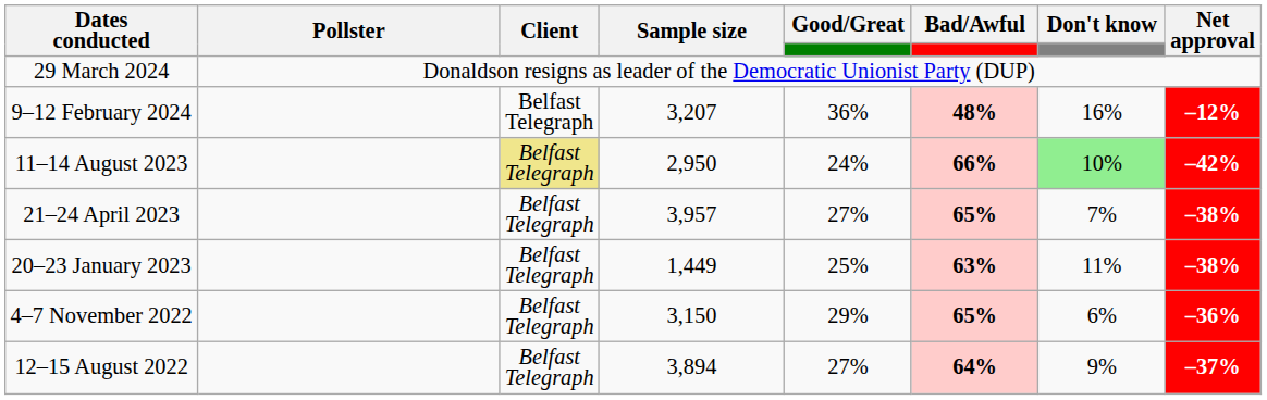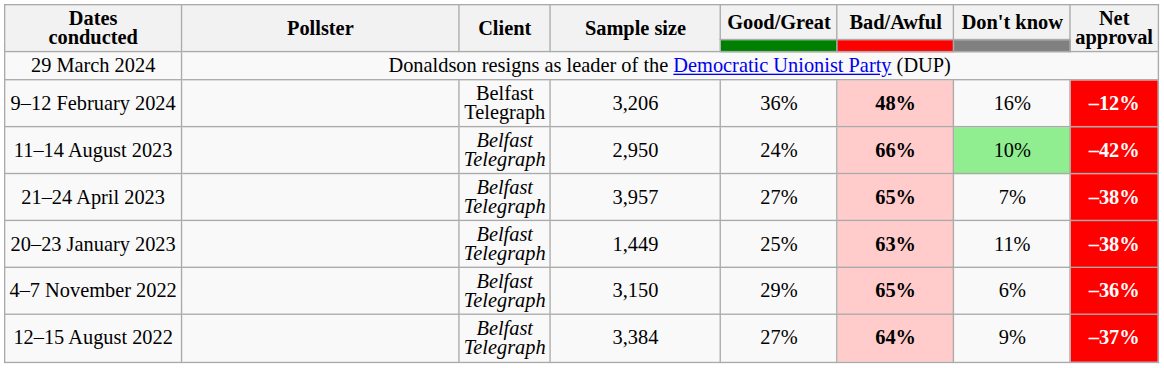 <table class="wikitable collapsible sortable mw-datatable" style="text-align:center;font-size:95%;line-height:14px;">
 <tr>
 <th style="width:125px;" rowspan="2">Dates<br>conducted</th>
 <th style="width:200px;" rowspan="2">Pollster</th>
 <th style="width:60px;" rowspan="2">Client</th>
 <th style="width:120px;" rowspan="2">Sample size</th>
 <th class="unsortable" style="width:80px;">Good/Great</th>
 <th class="unsortable" style="width: 80px;">Bad/Awful</th>
 <th class="unsortable" style="width:80px;">Don't know</th>
 <th class="unsortable" style="width:20px;" rowspan="2">Net approval</th>
 </tr>
 <tr>
 <th class="unsortable" style="background:green;width:60px;"></th>
 <th class="unsortable" style="background:red;width:60px;"></th>
 <th class="unsortable" style="background:grey;width:60px;"></th>
 </tr>
 <tr>
 <td>29 March 2024</td>
 <td colspan="7">Donaldson resigns as leader of the <a href='#'>Democratic Unionist Party</a> (DUP)</td>
 </tr>
 <tr>
 <td>9–12 February 2024</td>
 <td></td>
 <td>Belfast Telegraph</td>
-<td>3,207</td>
+<td>3,206</td>
 <td>36%</td>
 <td style="background:#ffcccb"><strong>48%</strong></td>
 <td>16%</td>
 <td style="background:red;color:white"><strong>–12%</strong></td>
 </tr>
 <tr>
 <td>11–14 August 2023</td>
 <td></td>
-<td style="background: khaki;"><em>Belfast Telegraph</em></td>
+<td><em>Belfast Telegraph</em></td>
 <td>2,950</td>
 <td>24%</td>
 <td style="background:#ffcccb"><strong>66%</strong></td>
 <td style="background: lightgreen;">10%</td>
 <td style="background:red;color:white"><strong>–42%</strong></td>
 </tr>
 <tr>
 <td>21–24 April 2023</td>
 <td></td>
 <td><em>Belfast Telegraph</em></td>
 <td>3,957</td>
 <td>27%</td>
 <td style="background:#ffcccb"><strong>65%</strong></td>
 <td>7%</td>
 <td style="background:red;color:white"><strong>–38%</strong></td>
 </tr>
 <tr>
 <td>20–23 January 2023</td>
 <td></td>
 <td><em>Belfast Telegraph</em></td>
 <td>1,449</td>
 <td>25%</td>
 <td style="background:#ffcccb"><strong>63%</strong></td>
 <td>11%</td>
 <td style="background:red;color:white"><strong>–38%</strong></td>
 </tr>
 <tr>
 <td>4–7 November 2022</td>
 <td></td>
 <td><em>Belfast Telegraph</em></td>
 <td>3,150</td>
 <td>29%</td>
 <td style="background:#ffcccb"><strong>65%</strong></td>
 <td>6%</td>
 <td style="background:red;color:white"><strong>–36%</strong></td>
 </tr>
 <tr>
 <td>12–15 August 2022</td>
 <td></td>
 <td><em>Belfast Telegraph</em></td>
-<td>3,894</td>
+<td>3,384</td>
 <td>27%</td>
 <td style="background:#ffcccb"><strong>64%</strong></td>
 <td>9%</td>
 <td style="background:red;color:white"><strong>–37%</strong></td>
 </tr>
 </table>
